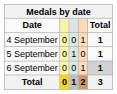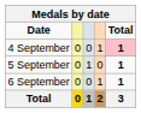 <table class="wikitable" style="font-size:85%">
 <tr bgcolor="#efefef">
 <th colspan=6>Medals by date</th>
 </tr>
 <tr align=center>
 <td><strong>Date</strong></td>
 <td bgcolor=#f7f6a8></td>
 <td bgcolor=#dce5e5></td>
 <td bgcolor=#ffdab9></td>
 <td><strong>Total</strong></td>
 </tr>
 <tr align=center>
 <td>4 September</td>
 <td style="background:#F7F6A8;">0</td>
 <td style="background:#DCE5E5;">0</td>
 <td style="background:#FFDAB9;">1</td>
-<td><strong>1</strong></td>
+<td style="background: pink;"><strong>1</strong></td>
 </tr>
 <tr align=center>
 <td>5 September</td>
 <td style="background:#F7F6A8;">0</td>
 <td style="background:#DCE5E5;">1</td>
 <td style="background:#FFDAB9;">0</td>
 <td><strong>1</strong></td>
 </tr>
 <tr align=center>
 <td>6 September</td>
 <td style="background:#F7F6A8;">0</td>
 <td style="background:#DCE5E5;">0</td>
 <td style="background:#FFDAB9;">1</td>
-<td style="background: lightgrey;"><strong>1</strong></td>
+<td><strong>1</strong></td>
 </tr>
 <tr align=center>
 <th><strong>Total</strong></th>
 <th style="background:gold;"><strong>0</strong></th>
 <th style="background:silver;"><strong>1</strong></th>
 <th style="background:#c96;"><strong>2</strong></th>
 <th>3</th>
 </tr>
 </table>
